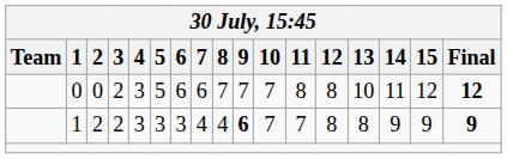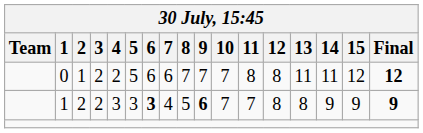 <table class=wikitable style="text-align:center; width: 55%">
 <tr>
 <th colspan=17><em>30 July, 15:45</em></th>
 </tr>
 <tr>
 <th>Team</th>
 <th>1</th>
 <th>2</th>
 <th>3</th>
 <th>4</th>
 <th>5</th>
 <th>6</th>
 <th>7</th>
 <th>8</th>
 <th>9</th>
 <th>10</th>
 <th>11</th>
 <th>12</th>
 <th>13</th>
 <th>14</th>
 <th>15</th>
 <th>Final</th>
 </tr>
 <tr>
 <td align=left><strong></strong></td>
 <td>0</td>
-<td>0</td>
+<td>1</td>
 <td>2</td>
-<td>3</td>
+<td>2</td>
 <td>5</td>
 <td>6</td>
 <td>6</td>
 <td>7</td>
 <td>7</td>
 <td>7</td>
 <td>8</td>
 <td>8</td>
-<td>10</td>
+<td>11</td>
 <td>11</td>
 <td>12</td>
 <td><strong>12</strong></td>
 </tr>
 <tr>
 <td align=left></td>
 <td>1</td>
 <td>2</td>
 <td>2</td>
 <td>3</td>
 <td>3</td>
-<td>3</td>
+<td><strong>3</strong></td>
 <td>4</td>
-<td>4</td>
+<td>5</td>
 <td><strong>6</strong></td>
 <td>7</td>
 <td>7</td>
 <td>8</td>
 <td>8</td>
 <td>9</td>
 <td>9</td>
 <td><strong>9</strong></td>
 </tr>
 <tr>
 <td colspan=17></td>
 </tr>
 </table>
